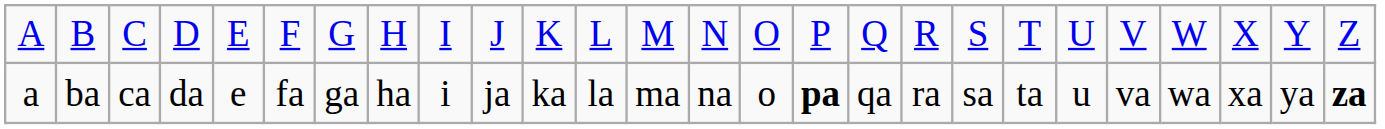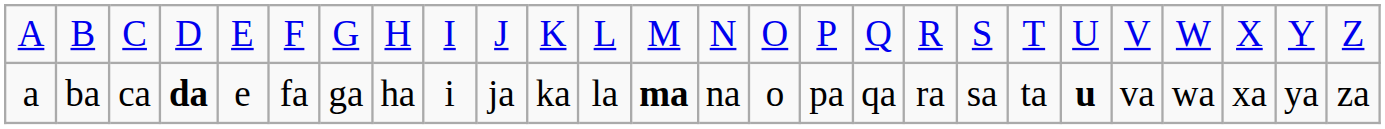 <table class=wikitable style=text-align:center>
 <tr>
 <td width=15><a href='#'>A</a></td>
 <td width=15><a href='#'>B</a></td>
 <td width=15><a href='#'>C</a></td>
 <td width=15><a href='#'>D</a></td>
 <td width=15><a href='#'>E</a></td>
 <td width=15><a href='#'>F</a></td>
 <td width=15><a href='#'>G</a></td>
 <td width=15><a href='#'>H</a></td>
 <td width=15><a href='#'>I</a></td>
 <td width=15><a href='#'>J</a></td>
 <td width=15><a href='#'>K</a></td>
 <td width=15><a href='#'>L</a></td>
 <td width=15><a href='#'>M</a></td>
 <td width=15><a href='#'>N</a></td>
 <td width=15><a href='#'>O</a></td>
 <td width=15><a href='#'>P</a></td>
 <td width=15><a href='#'>Q</a></td>
 <td width=15><a href='#'>R</a></td>
 <td width=15><a href='#'>S</a></td>
 <td width=15><a href='#'>T</a></td>
 <td width=15><a href='#'>U</a></td>
 <td width=15><a href='#'>V</a></td>
 <td width=15><a href='#'>W</a></td>
 <td width=15><a href='#'>X</a></td>
 <td width=15><a href='#'>Y</a></td>
 <td width=15><a href='#'>Z</a></td>
 </tr>
 <tr>
 <td>a</td>
 <td>ba</td>
 <td>ca</td>
-<td>da</td>
+<td><strong>da</strong></td>
 <td>e</td>
 <td>fa</td>
 <td>ga</td>
 <td>ha</td>
 <td>i</td>
 <td>ja</td>
 <td>ka</td>
 <td>la</td>
-<td>ma</td>
+<td><strong>ma</strong></td>
 <td>na</td>
 <td>o</td>
-<td><strong>pa</strong></td>
+<td>pa</td>
 <td>qa</td>
 <td>ra</td>
 <td>sa</td>
 <td>ta</td>
-<td>u</td>
+<td><strong>u</strong></td>
 <td>va</td>
 <td>wa</td>
 <td>xa</td>
 <td>ya</td>
-<td><strong>za</strong></td>
+<td>za</td>
 </tr>
 </table>
